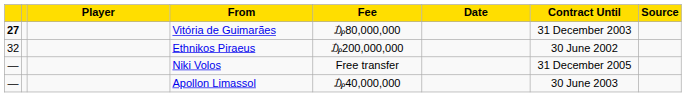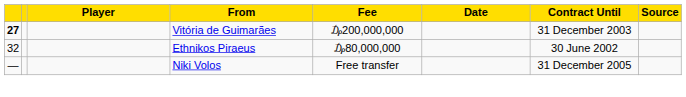 <table class="wikitable sortable">
 <tr>
 <th style="background:#FFDE00"></th>
 <th style="background:#FFDE00"></th>
 <th width=200 style="background:#FFDE00">Player</th>
 <th width=200 style="background:#FFDE00">From</th>
 <th width=150 style="background:#FFDE00">Fee</th>
 <th width=150 style="background:#FFDE00">Date</th>
 <th width=150 style="background:#FFDE00">Contract Until</th>
 <th style="background:#FFDE00">Source</th>
 </tr>
 <tr>
 <td align=center><strong>27</strong></td>
 <td align=center></td>
 <td></td>
 <td> <a href='#'>Vitória de Guimarães</a></td>
-<td align=center>₯80,000,000</td>
+<td align=center>₯200,000,000</td>
 <td align=center></td>
 <td align=center>31 December 2003</td>
 <td align=center></td>
 </tr>
 <tr>
 <td align=center>32</td>
 <td align=center></td>
 <td></td>
 <td> <a href='#'>Ethnikos Piraeus</a></td>
-<td align=center>₯200,000,000</td>
+<td align=center>₯80,000,000</td>
 <td align=center></td>
 <td align=center>30 June 2002</td>
 <td align=center></td>
 </tr>
 <tr>
 <td align=center>—</td>
 <td align=center></td>
 <td></td>
 <td> <a href='#'>Niki Volos</a></td>
 <td align=center>Free transfer</td>
 <td align=center></td>
 <td align=center>31 December 2005</td>
 <td align=center></td>
 </tr>
-<tr>
-<td align=center>—</td>
-<td align=center></td>
-<td></td>
-<td> <a href='#'>Apollon Limassol</a></td>
-<td align=center>₯40,000,000</td>
-<td align=center></td>
-<td align=center>30 June 2003</td>
-<td align=center></td>
-</tr>
 </table>
